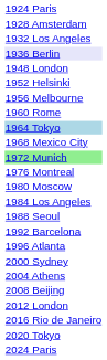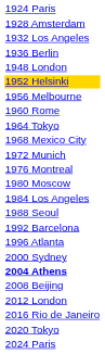 <table>
 <tr>
 <td><a href='#'>1924 Paris</a><br></td>
 <td></td>
 <td></td>
 <td></td>
 </tr>
 <tr>
 <td><a href='#'>1928 Amsterdam</a><br></td>
 <td></td>
 <td></td>
 <td></td>
 </tr>
 <tr>
 <td><a href='#'>1932 Los Angeles</a><br></td>
 <td></td>
 <td></td>
 <td></td>
 </tr>
 <tr>
-<td style="background: lavender;"><a href='#'>1936 Berlin</a><br></td>
+<td><a href='#'>1936 Berlin</a><br></td>
 <td></td>
 <td></td>
 <td></td>
 </tr>
 <tr>
 <td><a href='#'>1948 London</a><br></td>
 <td></td>
 <td></td>
 <td></td>
 </tr>
 <tr>
-<td><a href='#'>1952 Helsinki</a><br></td>
+<td style="background: gold;"><a href='#'>1952 Helsinki</a><br></td>
 <td></td>
 <td></td>
 <td></td>
 </tr>
 <tr>
 <td><a href='#'>1956 Melbourne</a><br></td>
 <td></td>
 <td></td>
 <td></td>
 </tr>
 <tr>
 <td><a href='#'>1960 Rome</a><br></td>
 <td></td>
 <td></td>
 <td></td>
 </tr>
 <tr>
-<td style="background: lightblue;"><a href='#'>1964 Tokyo</a><br></td>
+<td><a href='#'>1964 Tokyo</a><br></td>
 <td></td>
 <td></td>
 <td></td>
 </tr>
 <tr>
 <td><a href='#'>1968 Mexico City</a><br></td>
 <td></td>
 <td></td>
 <td></td>
 </tr>
 <tr>
-<td style="background: lightgreen;"><a href='#'>1972 Munich</a><br></td>
+<td><a href='#'>1972 Munich</a><br></td>
 <td></td>
 <td></td>
 <td></td>
 </tr>
 <tr>
 <td><a href='#'>1976 Montreal</a><br></td>
 <td></td>
 <td></td>
 <td></td>
 </tr>
 <tr>
 <td><a href='#'>1980 Moscow</a><br></td>
 <td></td>
 <td></td>
 <td></td>
 </tr>
 <tr>
 <td><a href='#'>1984 Los Angeles</a><br></td>
 <td></td>
 <td></td>
 <td></td>
 </tr>
 <tr>
 <td><a href='#'>1988 Seoul</a><br></td>
 <td></td>
 <td></td>
 <td></td>
 </tr>
 <tr>
 <td><a href='#'>1992 Barcelona</a><br></td>
 <td></td>
 <td></td>
 <td></td>
 </tr>
 <tr>
 <td><a href='#'>1996 Atlanta</a><br></td>
 <td></td>
 <td></td>
 <td></td>
 </tr>
 <tr>
 <td><a href='#'>2000 Sydney</a><br></td>
 <td></td>
 <td></td>
 <td></td>
 </tr>
 <tr>
-<td><a href='#'>2004 Athens</a><br></td>
+<td><strong><a href='#'>2004 Athens</a><br></strong></td>
 <td></td>
 <td></td>
 <td></td>
 </tr>
 <tr>
 <td><a href='#'>2008 Beijing</a><br></td>
 <td></td>
 <td></td>
 <td></td>
 </tr>
 <tr>
 <td><a href='#'>2012 London</a><br></td>
 <td></td>
 <td></td>
 <td></td>
 </tr>
 <tr valign="top">
 <td rowspan=2><a href='#'>2016 Rio de Janeiro</a><br></td>
 <td rowspan=2></td>
 <td rowspan=2></td>
 <td></td>
 </tr>
 <tr>
 <td></td>
 </tr>
 <tr>
 <td><a href='#'>2020 Tokyo</a><br></td>
 <td></td>
 <td></td>
 <td></td>
 </tr>
 <tr>
 <td><a href='#'>2024 Paris</a><br></td>
 <td></td>
 <td></td>
 <td></td>
 </tr>
 <tr>
 </tr>
 </table>
